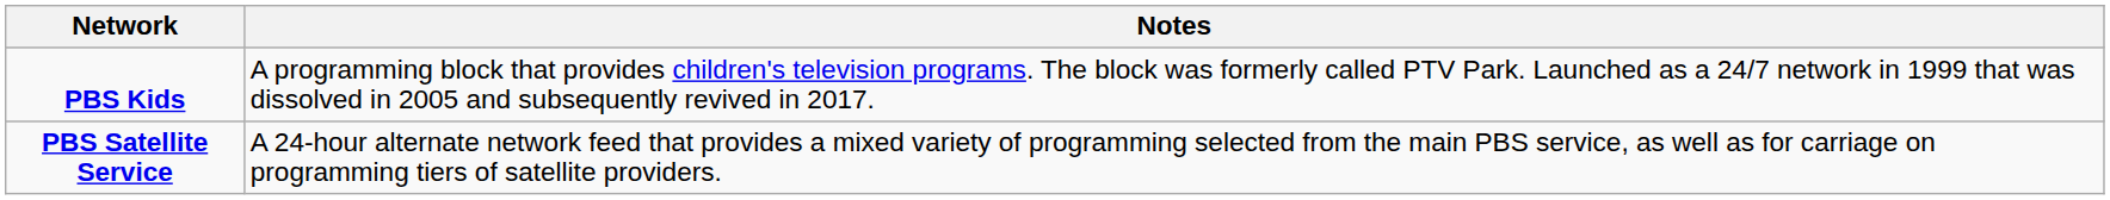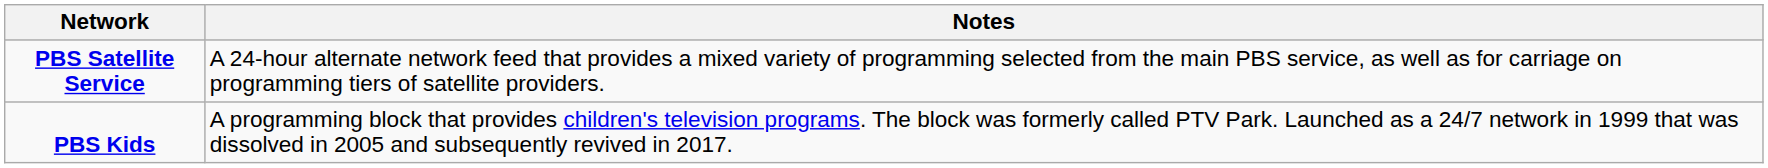 <table class= "wikitable">
 <tr>
 <th>Network</th>
 <th>Notes</th>
 </tr>
 <tr>
+<td style="text-align:center;"><strong><a href='#'>PBS Satellite Service</a></strong></td>
+<td>A 24-hour alternate network feed that provides a mixed variety of programming selected from the main PBS service, as well as for carriage on programming tiers of satellite providers.</td>
+</tr>
+<tr>
 <td style="text-align:center;"><br><strong><a href='#'>PBS Kids</a></strong></td>
 <td>A programming block that provides <a href='#'>children's television programs</a>. The block was formerly called PTV Park. Launched as a 24/7 network in 1999 that was dissolved in 2005 and subsequently revived in 2017.</td>
 </tr>
-<tr>
-<td style="text-align:center;"><strong><a href='#'>PBS Satellite Service</a></strong></td>
-<td>A 24-hour alternate network feed that provides a mixed variety of programming selected from the main PBS service, as well as for carriage on programming tiers of satellite providers.</td>
-</tr>
 </table>
